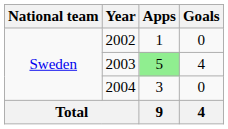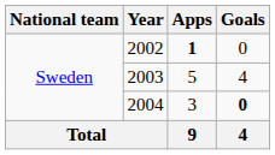 <table class="wikitable" style="text-align:center">
 <tr>
 <th>National team</th>
 <th>Year</th>
 <th>Apps</th>
 <th>Goals</th>
 </tr>
 <tr>
 <td rowspan="3"><a href='#'>Sweden</a></td>
 <td>2002</td>
-<td>1</td>
+<td><strong>1</strong></td>
 <td>0</td>
 </tr>
 <tr>
 <td>2003</td>
-<td style="background: lightgreen;">5</td>
+<td>5</td>
 <td>4</td>
 </tr>
 <tr>
 <td>2004</td>
 <td>3</td>
-<td>0</td>
+<td><strong>0</strong></td>
 </tr>
 <tr>
 <th colspan="2">Total</th>
 <th>9</th>
 <th>4</th>
 </tr>
 </table>
